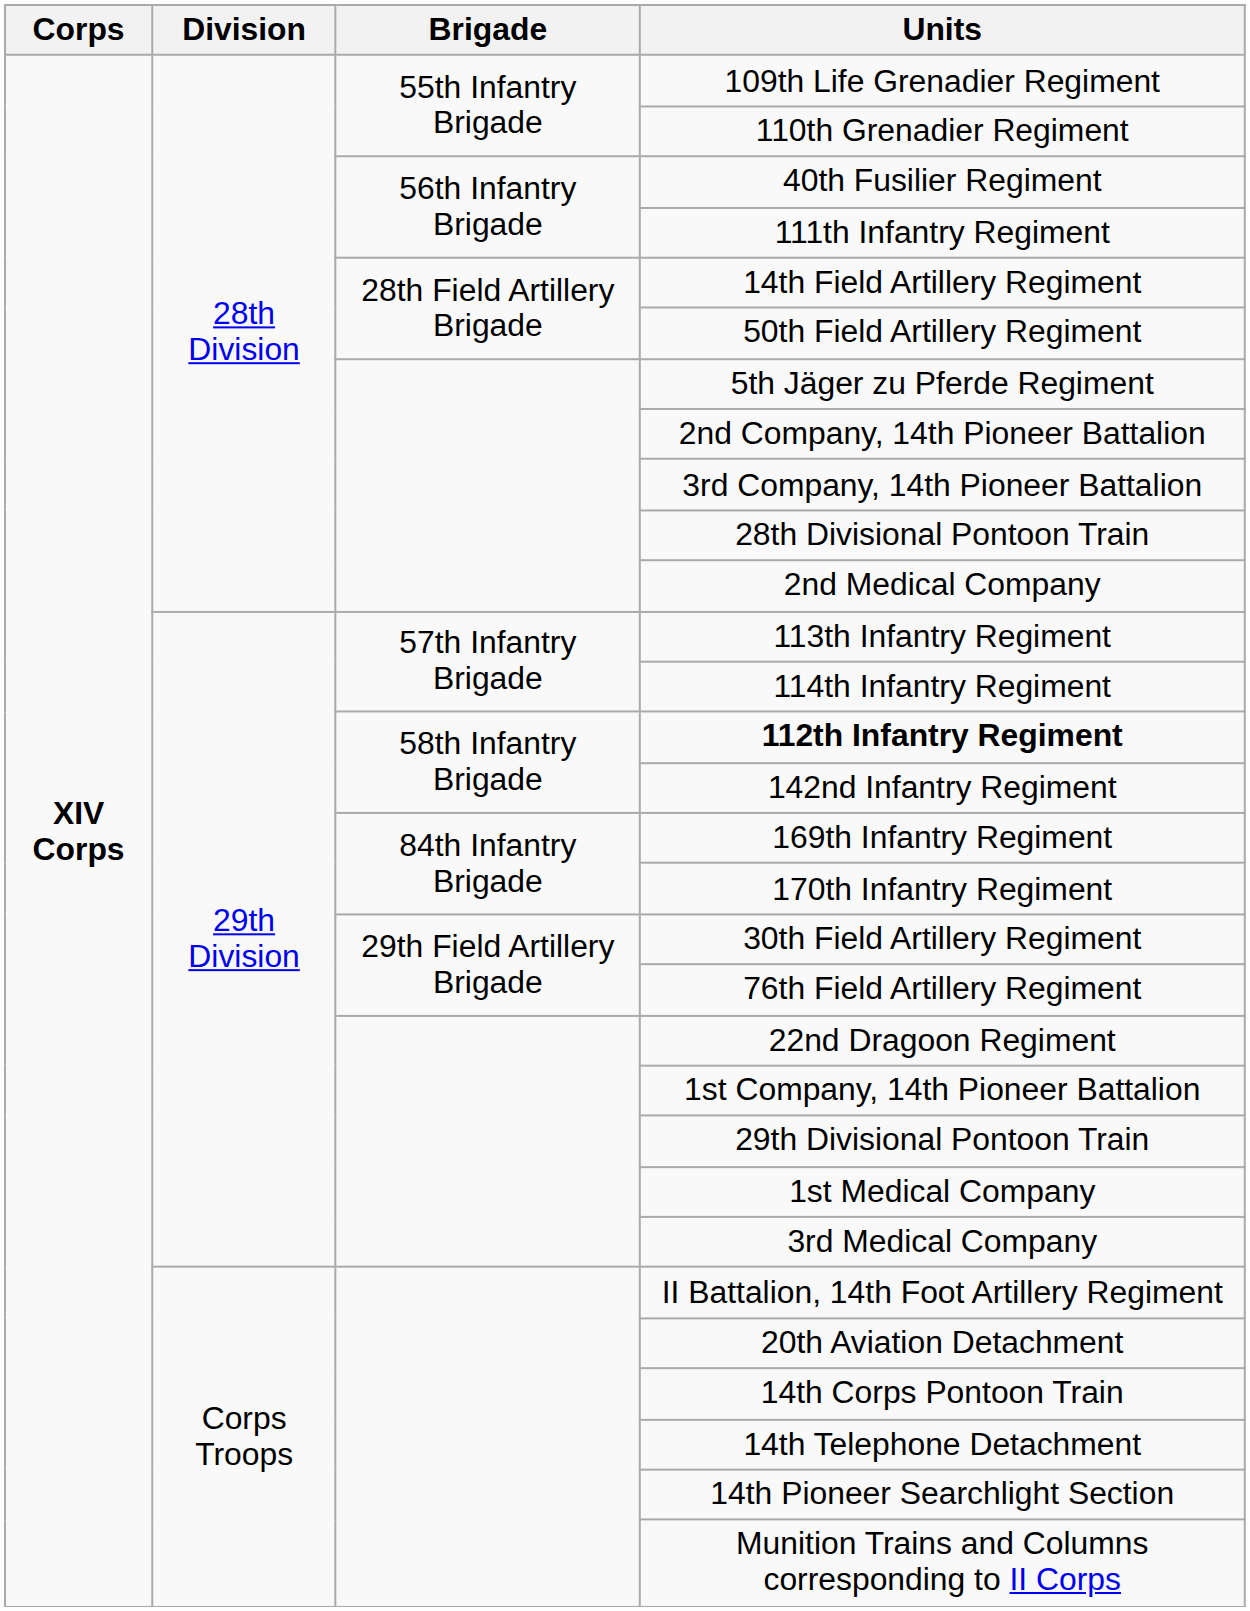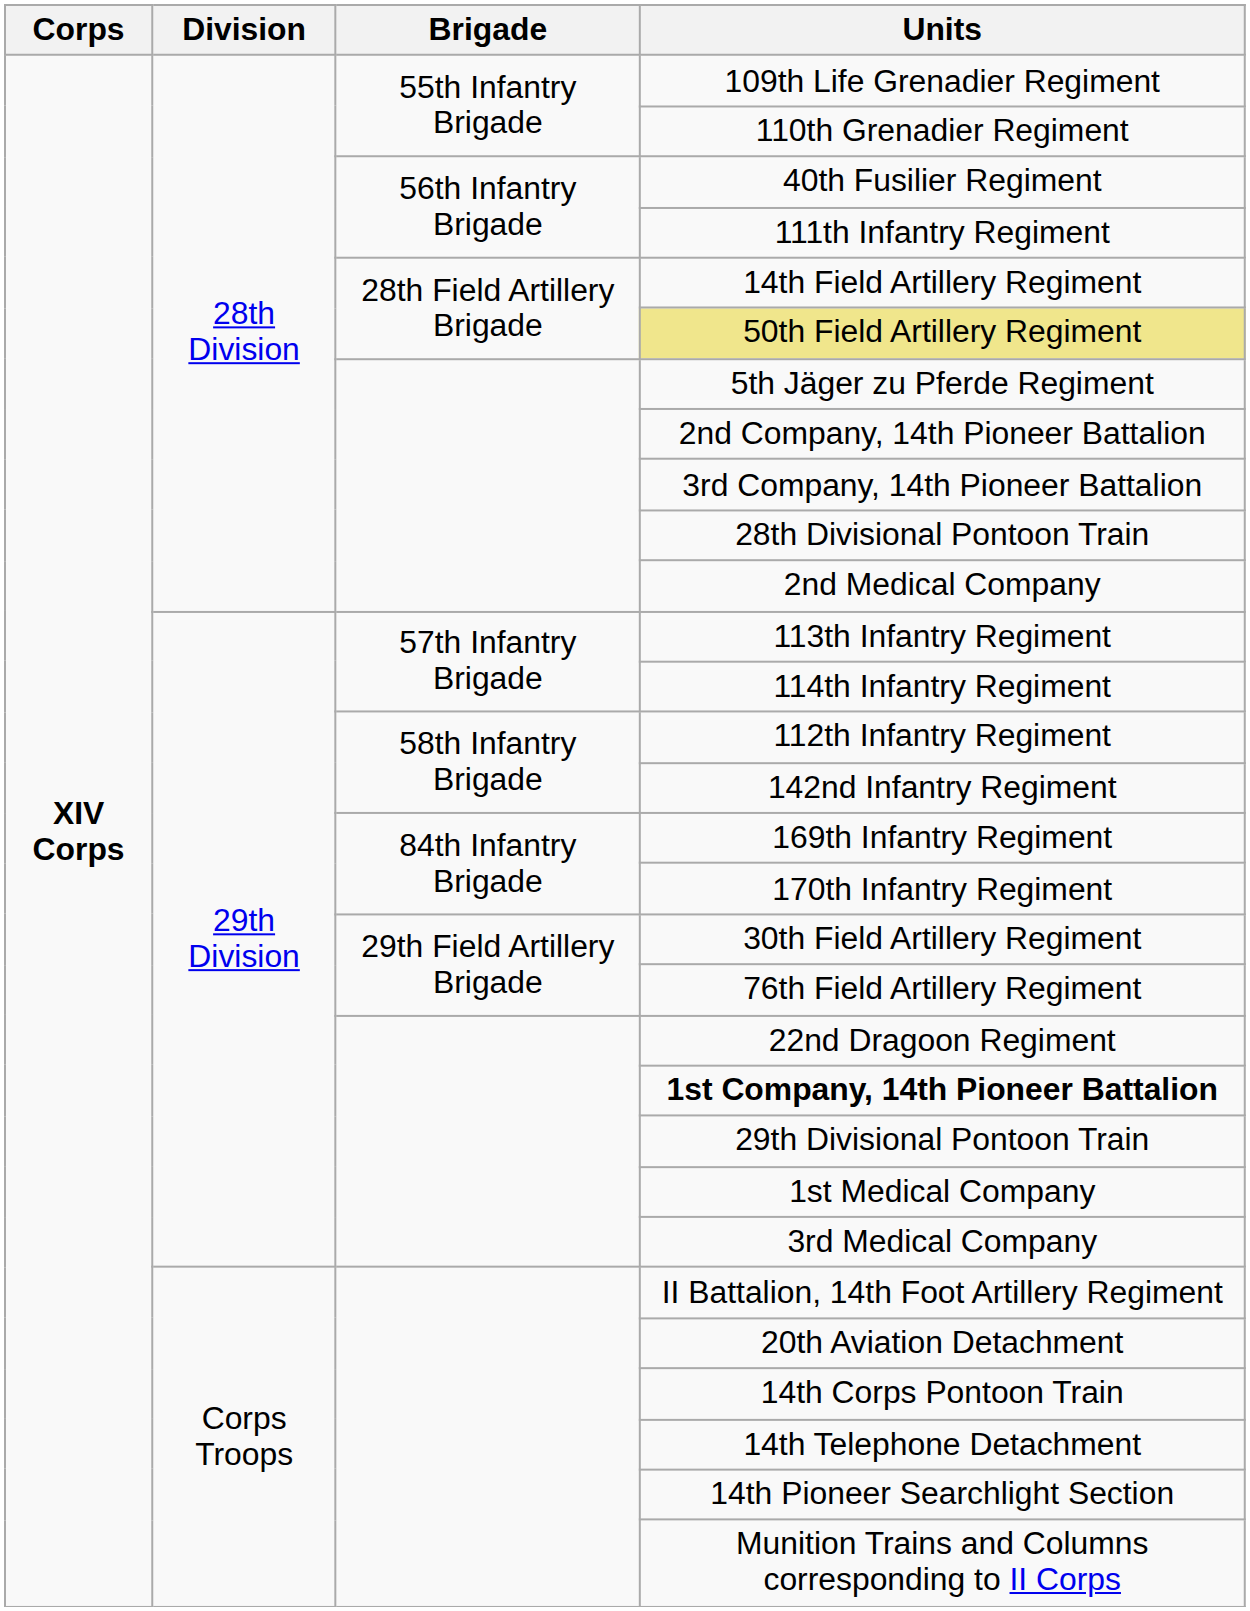 <table class="wikitable collapsible collapsed" style="text-align:center; width:100%;">
 <tr>
 <th>Corps</th>
 <th>Division</th>
 <th>Brigade</th>
 <th>Units</th>
 </tr>
 <tr>
 <td ROWSPAN=30><strong>XIV Corps</strong></td>
 <td ROWSPAN=11><a href='#'>28th Division</a></td>
 <td ROWSPAN=2>55th Infantry Brigade</td>
 <td>109th Life Grenadier Regiment</td>
 </tr>
 <tr>
 <td>110th Grenadier Regiment</td>
 </tr>
 <tr>
 <td ROWSPAN=2>56th Infantry Brigade</td>
 <td>40th Fusilier Regiment</td>
 </tr>
 <tr>
 <td>111th Infantry Regiment</td>
 </tr>
 <tr>
 <td ROWSPAN=2>28th Field Artillery Brigade</td>
 <td>14th Field Artillery Regiment</td>
 </tr>
 <tr>
-<td>50th Field Artillery Regiment</td>
+<td style="background: khaki;">50th Field Artillery Regiment</td>
 </tr>
 <tr>
 <td ROWSPAN=5></td>
 <td>5th Jäger zu Pferde Regiment</td>
 </tr>
 <tr>
 <td>2nd Company, 14th Pioneer Battalion</td>
 </tr>
 <tr>
 <td>3rd Company, 14th Pioneer Battalion</td>
 </tr>
 <tr>
 <td>28th Divisional Pontoon Train</td>
 </tr>
 <tr>
 <td>2nd Medical Company</td>
 </tr>
 <tr>
 <td ROWSPAN=13><a href='#'>29th Division</a></td>
 <td ROWSPAN=2>57th Infantry Brigade</td>
 <td>113th Infantry Regiment</td>
 </tr>
 <tr>
 <td>114th Infantry Regiment</td>
 </tr>
 <tr>
 <td ROWSPAN=2>58th Infantry Brigade</td>
-<td><strong>112th Infantry Regiment</strong></td>
+<td>112th Infantry Regiment</td>
 </tr>
 <tr>
 <td>142nd Infantry Regiment</td>
 </tr>
 <tr>
 <td ROWSPAN=2>84th Infantry Brigade</td>
 <td>169th Infantry Regiment</td>
 </tr>
 <tr>
 <td>170th Infantry Regiment</td>
 </tr>
 <tr>
 <td ROWSPAN=2>29th Field Artillery Brigade</td>
 <td>30th Field Artillery Regiment</td>
 </tr>
 <tr>
 <td>76th Field Artillery Regiment</td>
 </tr>
 <tr>
 <td ROWSPAN=5></td>
 <td>22nd Dragoon Regiment</td>
 </tr>
 <tr>
-<td>1st Company, 14th Pioneer Battalion</td>
+<td><strong>1st Company, 14th Pioneer Battalion</strong></td>
 </tr>
 <tr>
 <td>29th Divisional Pontoon Train</td>
 </tr>
 <tr>
 <td>1st Medical Company</td>
 </tr>
 <tr>
 <td>3rd Medical Company</td>
 </tr>
 <tr>
 <td ROWSPAN=6>Corps Troops</td>
 <td ROWSPAN=6></td>
 <td>II Battalion, 14th Foot Artillery Regiment</td>
 </tr>
 <tr>
 <td>20th Aviation Detachment</td>
 </tr>
 <tr>
 <td>14th Corps Pontoon Train</td>
 </tr>
 <tr>
 <td>14th Telephone Detachment</td>
 </tr>
 <tr>
 <td>14th Pioneer Searchlight Section</td>
 </tr>
 <tr>
 <td>Munition Trains and Columns corresponding to <a href='#'>II Corps</a></td>
 </tr>
 </table>
